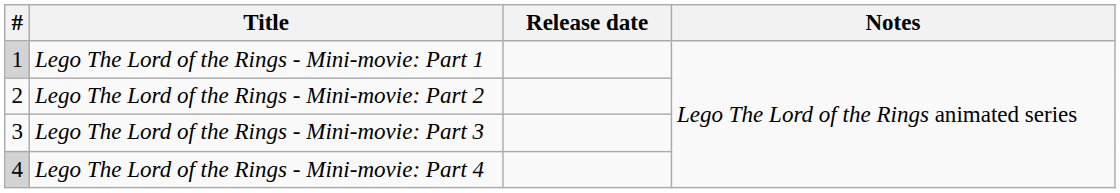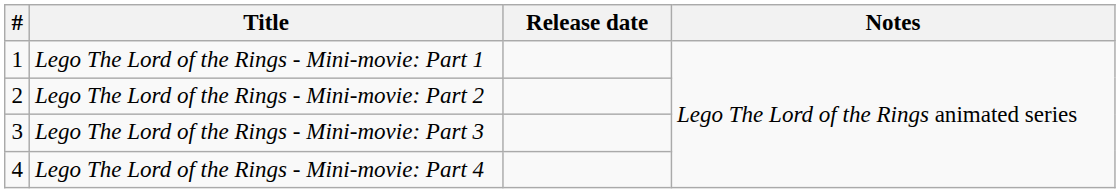 <table class="wikitable sortable">
 <tr>
 <th width=10>#</th>
 <th width=321>Title</th>
 <th width=110>Release date</th>
 <th width=300>Notes</th>
 </tr>
 <tr>
-<td align="center" style="background: lightgrey;">1</td>
+<td align="center">1</td>
 <td><em>Lego The Lord of the Rings - Mini-movie: Part 1</em></td>
 <td align="right"></td>
 <td rowspan="4"><em>Lego The Lord of the Rings</em> animated series</td>
 </tr>
 <tr>
 <td align="center">2</td>
 <td><em>Lego The Lord of the Rings - Mini-movie: Part 2</em></td>
 <td align="right"></td>
 </tr>
 <tr>
 <td align="center">3</td>
 <td><em>Lego The Lord of the Rings - Mini-movie: Part 3</em></td>
 <td align="right"></td>
 </tr>
 <tr>
-<td align="center" style="background: lightgrey;">4</td>
+<td align="center">4</td>
 <td><em>Lego The Lord of the Rings - Mini-movie: Part 4</em></td>
 <td align="right"></td>
 </tr>
 </table>
